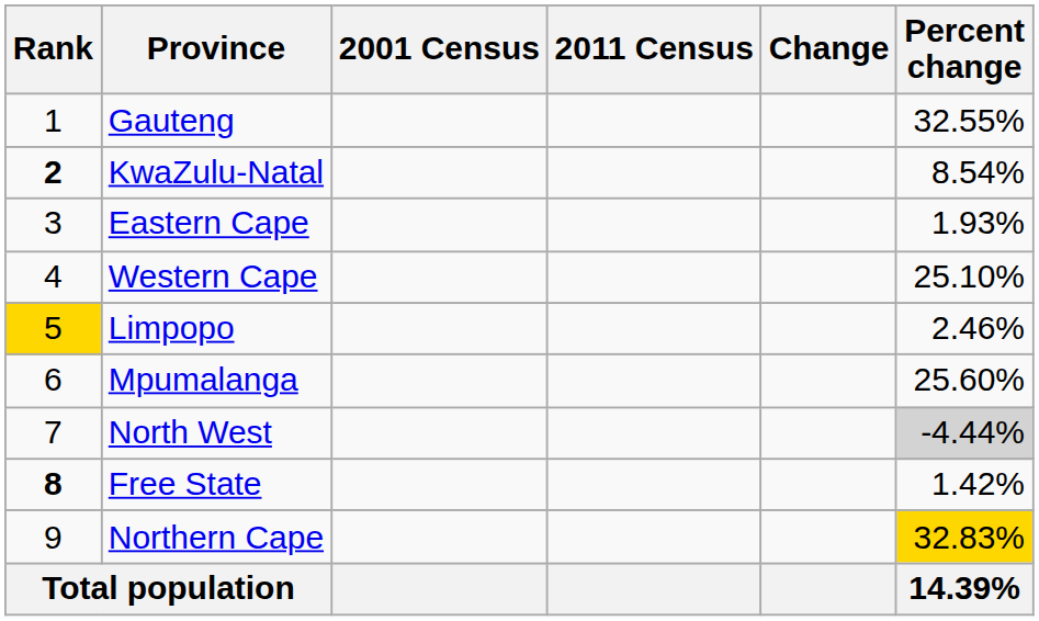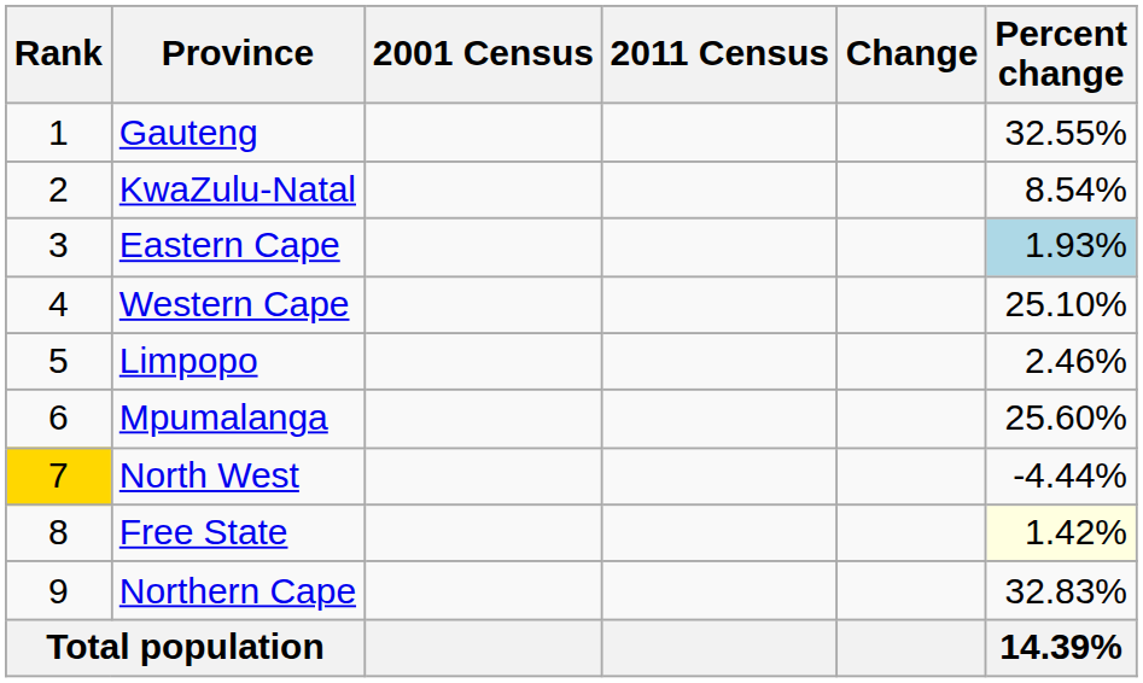 <table class="wikitable sortable" style="text-align: right;">
 <tr>
 <th data-sort-type="number">Rank</th>
 <th>Province</th>
 <th>2001 Census</th>
 <th>2011 Census</th>
 <th data-sort-type="number">Change</th>
 <th data-sort-type="number">Percent<br>change</th>
 </tr>
 <tr>
 <td style="text-align: center;">1 </td>
 <td style="text-align: left;"><a href='#'>Gauteng</a></td>
 <td></td>
 <td></td>
 <td> </td>
 <td>32.55% </td>
 </tr>
 <tr>
-<td style="text-align: center;"><strong>2 </strong></td>
+<td style="text-align: center;">2 </td>
 <td style="text-align: left;"><a href='#'>KwaZulu-Natal</a></td>
 <td></td>
 <td></td>
 <td> </td>
 <td>8.54% </td>
 </tr>
 <tr>
 <td style="text-align: center;">3 </td>
 <td style="text-align: left;"><a href='#'>Eastern Cape</a></td>
 <td></td>
 <td></td>
 <td> </td>
-<td>1.93% </td>
+<td style="background: lightblue;">1.93% </td>
 </tr>
 <tr>
 <td style="text-align: center;">4 </td>
 <td style="text-align: left;"><a href='#'>Western Cape</a></td>
 <td></td>
 <td></td>
 <td> </td>
 <td>25.10% </td>
 </tr>
 <tr>
-<td style="background: gold; text-align: center;">5 </td>
+<td style="text-align: center;">5 </td>
 <td style="text-align: left;"><a href='#'>Limpopo</a></td>
 <td></td>
 <td></td>
 <td> </td>
 <td>2.46% </td>
 </tr>
 <tr>
 <td style="text-align: center;">6 </td>
 <td style="text-align: left;"><a href='#'>Mpumalanga</a></td>
 <td></td>
 <td></td>
 <td> </td>
 <td>25.60% </td>
 </tr>
 <tr>
-<td style="text-align: center;">7 </td>
+<td style="background: gold; text-align: center;">7 </td>
 <td style="text-align: left;"><a href='#'>North West</a></td>
 <td></td>
 <td></td>
 <td> </td>
-<td style="background: lightgrey;">-4.44% </td>
+<td>-4.44% </td>
 </tr>
 <tr>
-<td style="text-align: center;"><strong>8 </strong></td>
+<td style="text-align: center;">8 </td>
 <td style="text-align: left;"><a href='#'>Free State</a></td>
 <td></td>
 <td></td>
 <td> </td>
-<td>1.42% </td>
+<td style="background: lightyellow;">1.42% </td>
 </tr>
 <tr>
 <td style="text-align: center;">9 </td>
 <td style="text-align: left;"><a href='#'>Northern Cape</a></td>
 <td></td>
 <td></td>
 <td> </td>
-<td style="background: gold;">32.83% </td>
+<td>32.83% </td>
 </tr>
 <tr>
 <th colspan=2>Total population</th>
 <th></th>
 <th></th>
 <th> </th>
 <th>14.39% </th>
 </tr>
 </table>
